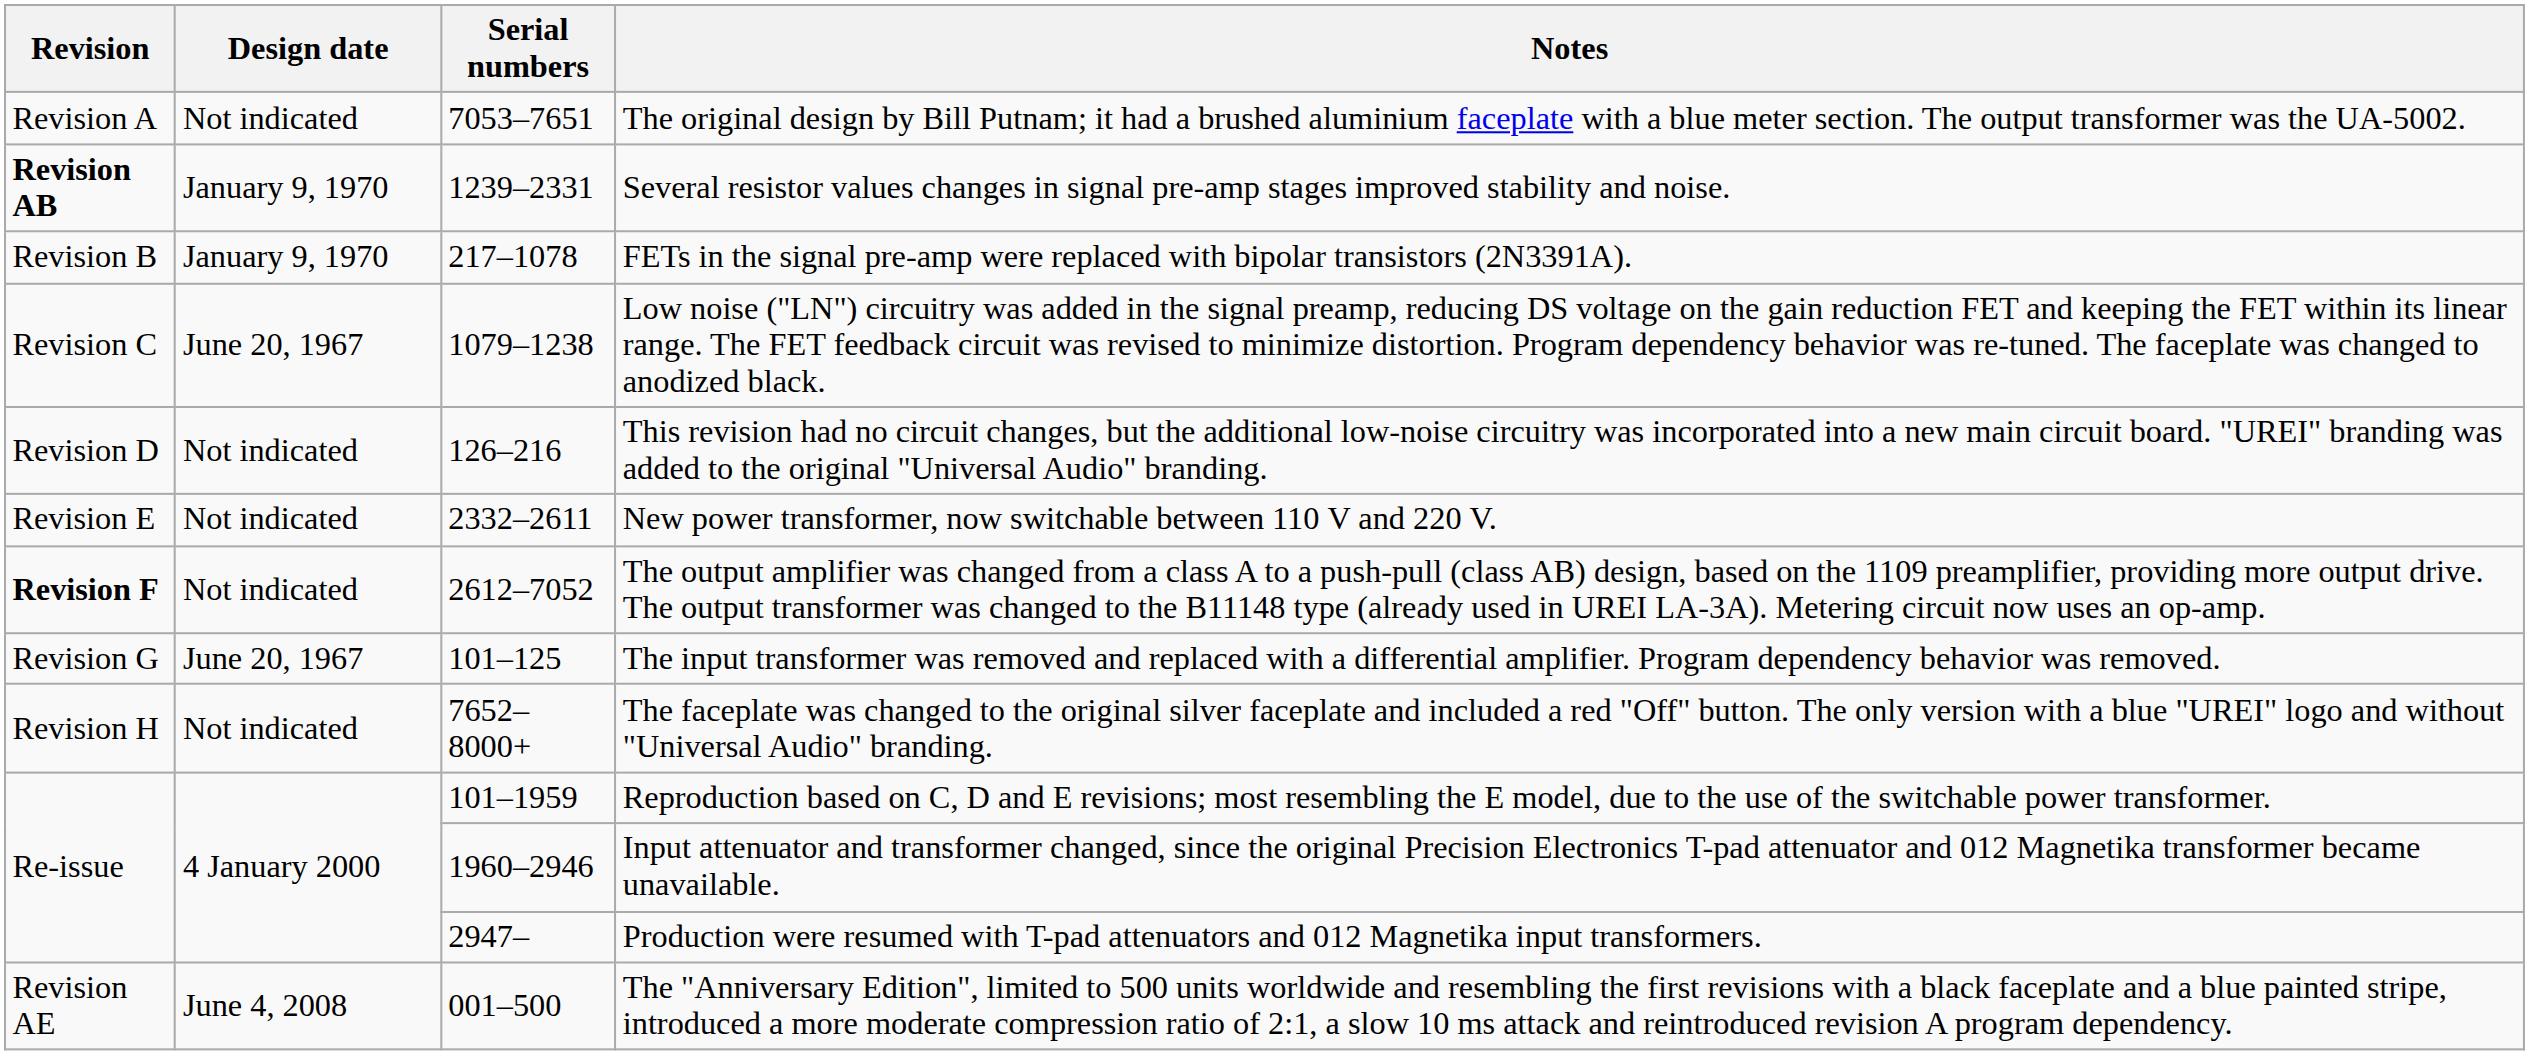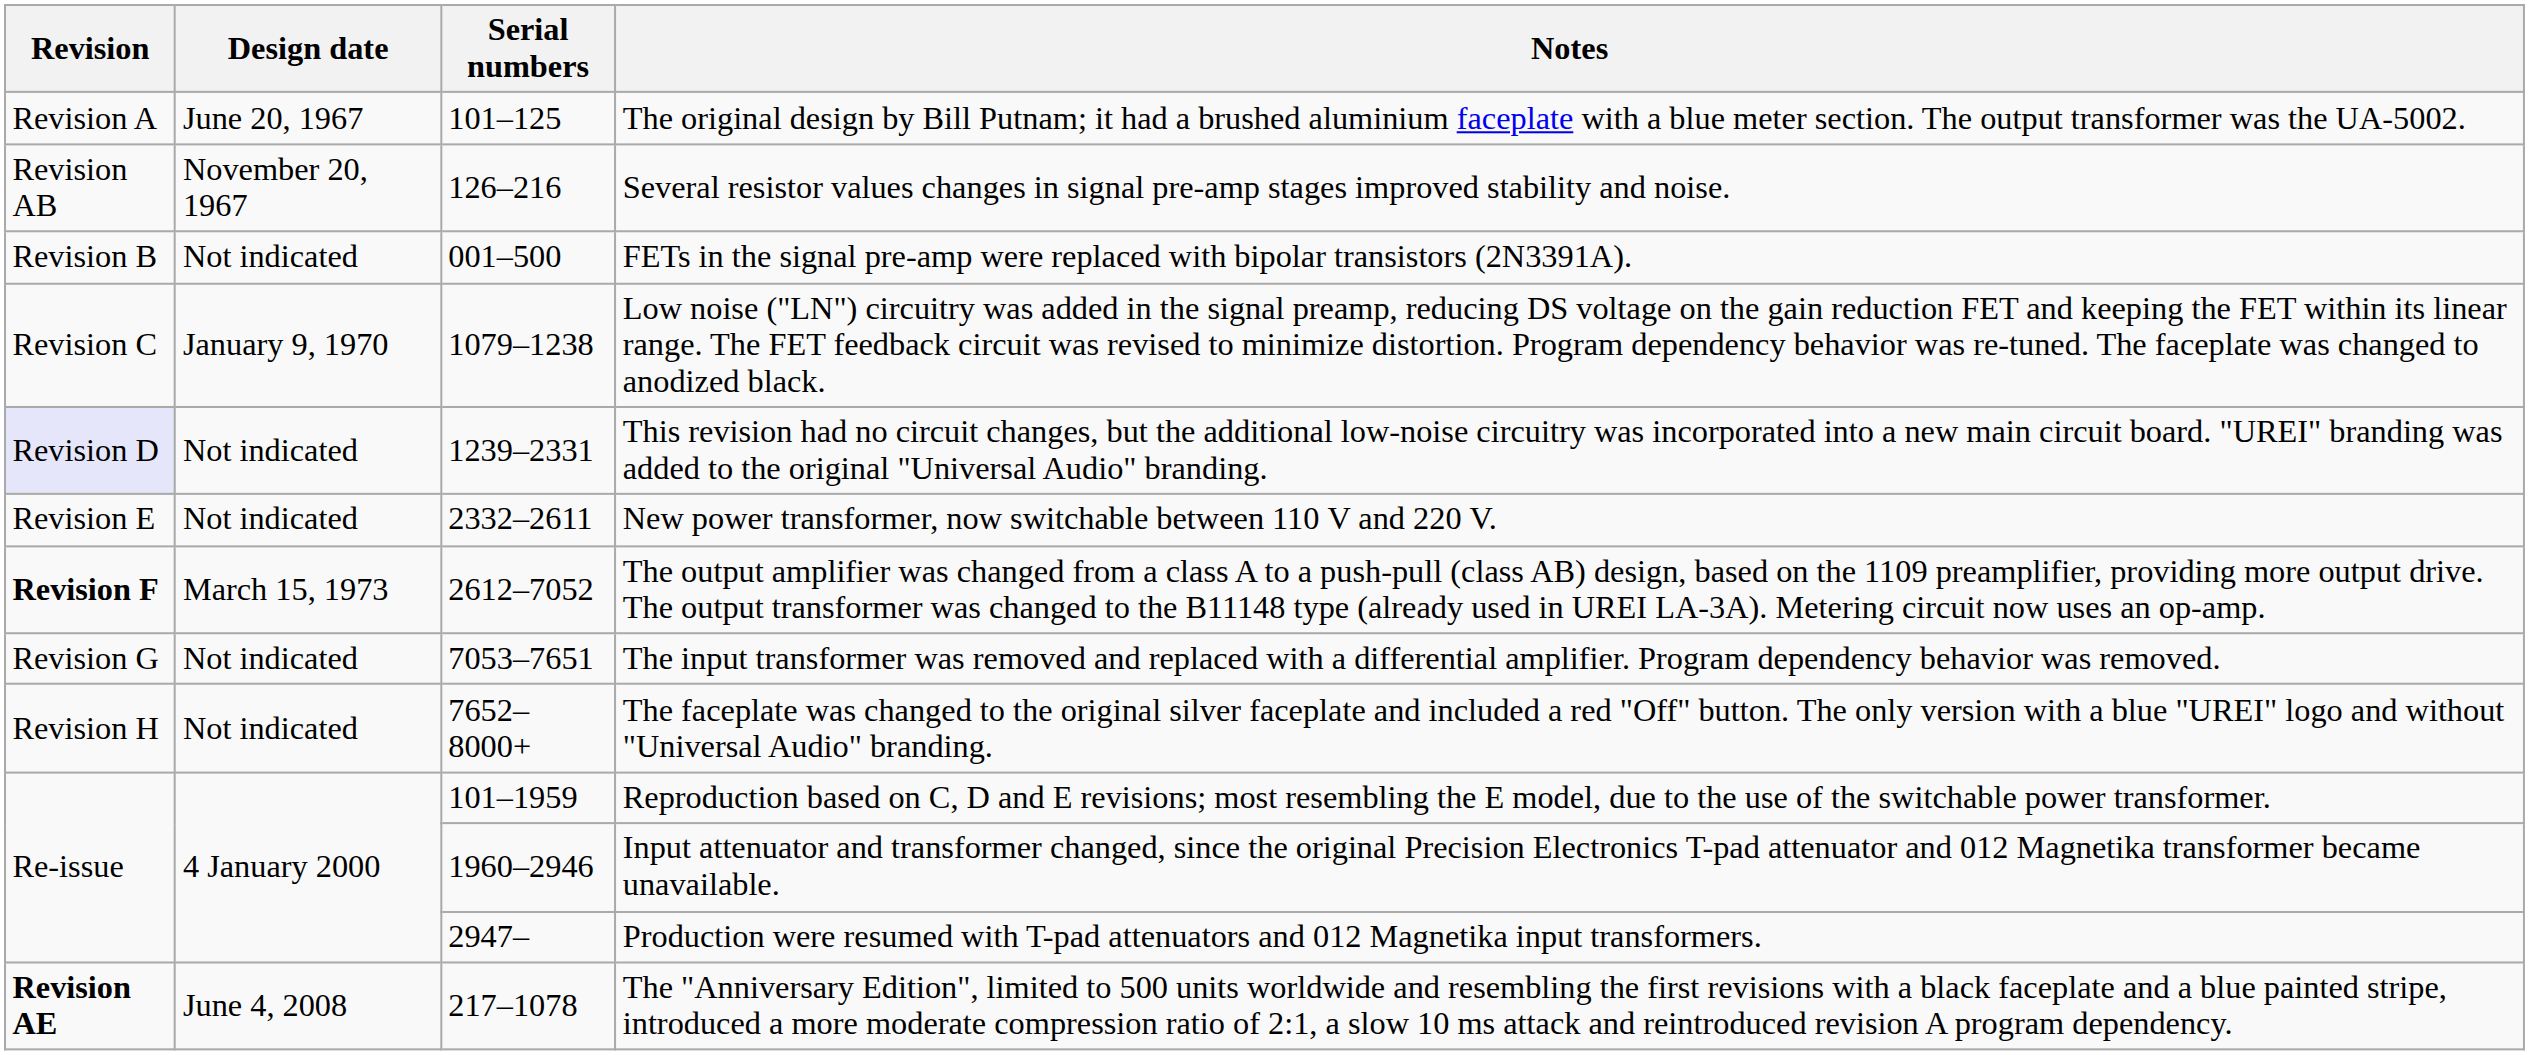 <table class="wikitable">
 <tr>
 <th scope="col" width="77">Revision</th>
 <th scope="col" width="124">Design date</th>
 <th scope="col" width="79">Serial numbers</th>
 <th>Notes</th>
 </tr>
 <tr>
 <td>Revision A</td>
-<td>Not indicated</td>
-<td>7053–7651</td>
+<td>June 20, 1967</td>
+<td>101–125</td>
 <td>The original design by Bill Putnam; it had a brushed aluminium <a href='#'>faceplate</a> with a blue meter section. The output transformer was the UA-5002.</td>
 </tr>
 <tr>
-<td><strong>Revision AB</strong></td>
-<td>January 9, 1970</td>
-<td>1239–2331</td>
+<td>Revision AB</td>
+<td>November 20, 1967</td>
+<td>126–216</td>
 <td>Several resistor values changes in signal pre-amp stages improved stability and noise.</td>
 </tr>
 <tr>
 <td>Revision B</td>
-<td>January 9, 1970</td>
-<td>217–1078</td>
+<td>Not indicated</td>
+<td>001–500</td>
 <td>FETs in the signal pre-amp were replaced with bipolar transistors (2N3391A).</td>
 </tr>
 <tr>
 <td>Revision C</td>
-<td>June 20, 1967</td>
+<td>January 9, 1970</td>
 <td>1079–1238</td>
 <td>Low noise ("LN") circuitry was added in the signal preamp, reducing DS voltage on the gain reduction FET and keeping the FET within its linear range. The FET feedback circuit was revised to minimize distortion. Program dependency behavior was re-tuned. The faceplate was changed to anodized black.</td>
 </tr>
 <tr>
-<td>Revision D</td>
+<td style="background: lavender;">Revision D</td>
 <td>Not indicated</td>
-<td>126–216</td>
+<td>1239–2331</td>
 <td>This revision had no circuit changes, but the additional low-noise circuitry was incorporated into a new main circuit board. "UREI" branding was added to the original "Universal Audio" branding.</td>
 </tr>
 <tr>
 <td>Revision E</td>
 <td>Not indicated</td>
 <td>2332–2611</td>
 <td>New power transformer, now switchable between 110 V and 220 V.</td>
 </tr>
 <tr>
 <td><strong>Revision F</strong></td>
-<td>Not indicated</td>
+<td>March 15, 1973</td>
 <td>2612–7052</td>
 <td>The output amplifier was changed from a class A to a push-pull (class AB) design, based on the 1109 preamplifier, providing more output drive. The output transformer was changed to the B11148 type (already used in UREI LA-3A). Metering circuit now uses an op-amp.</td>
 </tr>
 <tr>
 <td>Revision G</td>
-<td>June 20, 1967</td>
-<td>101–125</td>
+<td>Not indicated</td>
+<td>7053–7651</td>
 <td>The input transformer was removed and replaced with a differential amplifier. Program dependency behavior was removed.</td>
 </tr>
 <tr>
 <td>Revision H</td>
 <td>Not indicated</td>
 <td>7652–8000+</td>
 <td>The faceplate was changed to the original silver faceplate and included a red "Off" button. The only version with a blue "UREI" logo and without "Universal Audio" branding.</td>
 </tr>
 <tr>
 <td rowspan="3">Re-issue</td>
 <td rowspan="3">4 January 2000</td>
 <td>101–1959</td>
 <td>Reproduction based on C, D and E revisions; most resembling the E model, due to the use of the switchable power transformer.</td>
 </tr>
 <tr>
 <td>1960–2946</td>
 <td>Input attenuator and transformer changed, since the original Precision Electronics T-pad attenuator and 012 Magnetika transformer became unavailable.</td>
 </tr>
 <tr>
 <td>2947–</td>
 <td>Production were resumed with T-pad attenuators and 012 Magnetika input transformers.</td>
 </tr>
 <tr>
-<td>Revision AE</td>
+<td><strong>Revision AE</strong></td>
 <td>June 4, 2008</td>
-<td>001–500</td>
+<td>217–1078</td>
 <td>The "Anniversary Edition", limited to 500 units worldwide and resembling the first revisions with a black faceplate and a blue painted stripe, introduced a more moderate compression ratio of 2:1, a slow 10 ms attack and reintroduced revision A program dependency.</td>
 </tr>
 </table>
